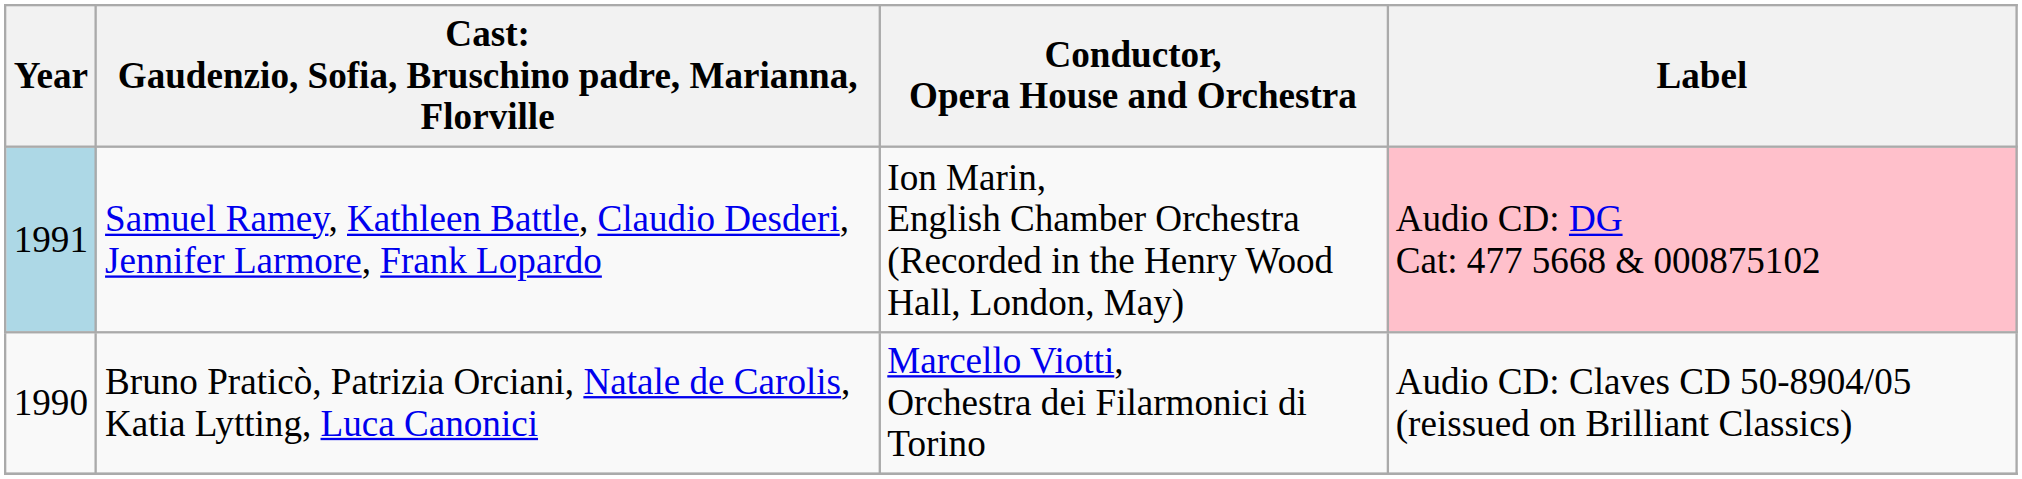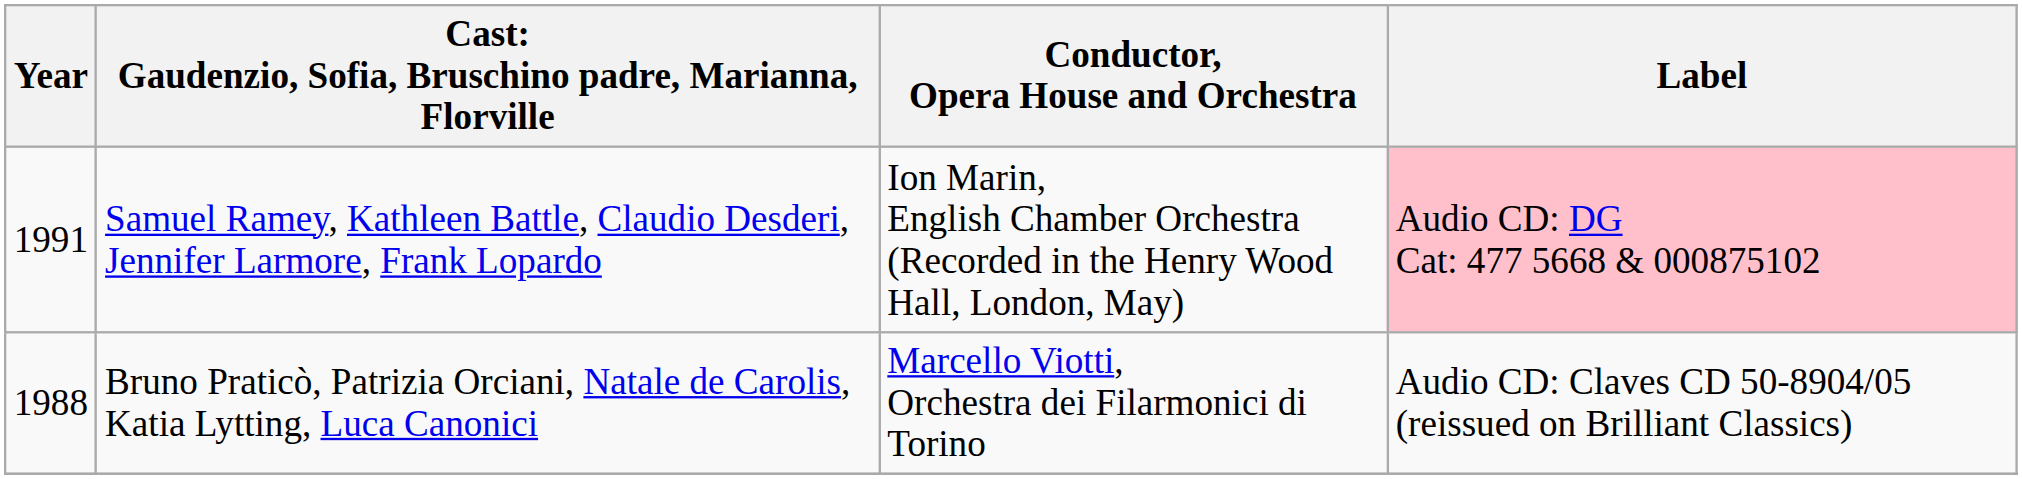 <table class="wikitable">
 <tr>
 <th>Year</th>
 <th>Cast:<br> Gaudenzio, Sofia, Bruschino padre, Marianna, Florville</th>
 <th>Conductor,<br>Opera House and Orchestra</th>
 <th>Label </th>
 </tr>
 <tr>
-<td style="background: lightblue;">1991</td>
+<td>1991</td>
 <td><a href='#'>Samuel Ramey</a>, <a href='#'>Kathleen Battle</a>, <a href='#'>Claudio Desderi</a>, <a href='#'>Jennifer Larmore</a>, <a href='#'>Frank Lopardo</a></td>
 <td>Ion Marin,<br>English Chamber Orchestra<br>(Recorded in the Henry Wood Hall, London, May)</td>
 <td style="background: pink;">Audio CD: <a href='#'>DG</a><br>Cat: 477 5668 & 000875102</td>
 </tr>
 <tr>
-<td>1990</td>
+<td>1988</td>
 <td>Bruno Praticò, Patrizia Orciani, <a href='#'>Natale de Carolis</a>, Katia Lytting, <a href='#'>Luca Canonici</a></td>
 <td><a href='#'>Marcello Viotti</a>,<br>Orchestra dei Filarmonici di Torino</td>
 <td>Audio CD: Claves CD 50-8904/05 (reissued on Brilliant Classics)</td>
 </tr>
 <tr>
 </tr>
 </table>
